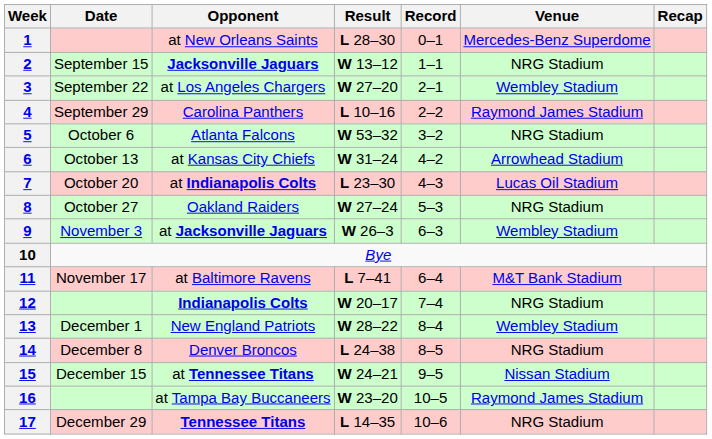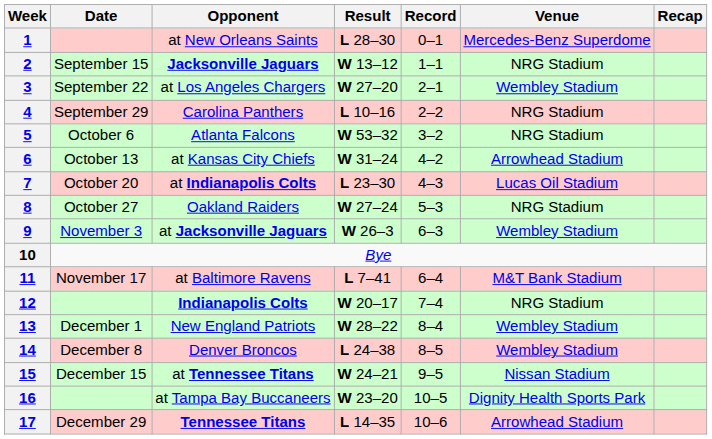 <table class="wikitable" style="text-align:center">
 <tr>
 <th>Week</th>
 <th>Date</th>
 <th>Opponent</th>
 <th>Result</th>
 <th>Record</th>
 <th>Venue</th>
 <th>Recap</th>
 </tr>
 <tr style="background:#fcc">
 <th><a href='#'>1</a></th>
 <td></td>
 <td>at <a href='#'>New Orleans Saints</a></td>
 <td><strong>L</strong> 28–30</td>
 <td>0–1</td>
 <td><a href='#'>Mercedes-Benz Superdome</a></td>
 <td></td>
 </tr>
 <tr style="background:#cfc">
 <th><a href='#'>2</a></th>
 <td>September 15</td>
 <td><strong><a href='#'>Jacksonville Jaguars</a></strong></td>
 <td><strong>W</strong> 13–12</td>
 <td>1–1</td>
 <td>NRG Stadium</td>
 <td></td>
 </tr>
 <tr style="background:#cfc">
 <th><a href='#'>3</a></th>
 <td>September 22</td>
 <td>at <a href='#'>Los Angeles Chargers</a></td>
 <td><strong>W</strong> 27–20</td>
 <td>2–1</td>
 <td> <a href='#'>Wembley Stadium</a> </td>
 <td></td>
 </tr>
 <tr style="background:#fcc">
 <th><a href='#'>4</a></th>
 <td>September 29</td>
 <td><a href='#'>Carolina Panthers</a></td>
 <td><strong>L</strong> 10–16</td>
 <td>2–2</td>
-<td><a href='#'>Raymond James Stadium</a></td>
+<td>NRG Stadium</td>
 <td></td>
 </tr>
 <tr style="background:#cfc">
 <th><a href='#'>5</a></th>
 <td>October 6</td>
 <td><a href='#'>Atlanta Falcons</a></td>
 <td><strong>W</strong> 53–32</td>
 <td>3–2</td>
 <td>NRG Stadium</td>
 <td></td>
 </tr>
 <tr style="background:#cfc">
 <th><a href='#'>6</a></th>
 <td>October 13</td>
 <td>at <a href='#'>Kansas City Chiefs</a></td>
 <td><strong>W</strong> 31–24</td>
 <td>4–2</td>
 <td><a href='#'>Arrowhead Stadium</a></td>
 <td></td>
 </tr>
 <tr style="background:#fcc">
 <th><a href='#'>7</a></th>
 <td>October 20</td>
 <td>at <strong><a href='#'>Indianapolis Colts</a></strong></td>
 <td><strong>L</strong> 23–30</td>
 <td>4–3</td>
 <td><a href='#'>Lucas Oil Stadium</a></td>
 <td></td>
 </tr>
 <tr style="background:#cfc">
 <th><a href='#'>8</a></th>
 <td>October 27</td>
 <td><a href='#'>Oakland Raiders</a></td>
 <td><strong>W</strong> 27–24</td>
 <td>5–3</td>
 <td>NRG Stadium</td>
 <td></td>
 </tr>
 <tr style="background:#cfc">
 <th><a href='#'>9</a></th>
 <td><a href='#'>November 3</a></td>
 <td>at <strong><a href='#'>Jacksonville Jaguars</a></strong></td>
 <td><strong>W</strong> 26–3</td>
 <td>6–3</td>
 <td> <a href='#'>Wembley Stadium</a> </td>
 <td></td>
 </tr>
 <tr>
 <th>10</th>
 <td colspan="6"><em><a href='#'>Bye</a></em></td>
 </tr>
 <tr style="background:#fcc">
 <th><a href='#'>11</a></th>
 <td>November 17</td>
 <td>at <a href='#'>Baltimore Ravens</a></td>
 <td><strong>L</strong> 7–41</td>
 <td>6–4</td>
 <td><a href='#'>M&T Bank Stadium</a></td>
 <td></td>
 </tr>
 <tr style="background:#cfc">
 <th><a href='#'>12</a></th>
 <td></td>
 <td><strong><a href='#'>Indianapolis Colts</a></strong></td>
 <td><strong>W</strong> 20–17</td>
 <td>7–4</td>
 <td>NRG Stadium</td>
 <td></td>
 </tr>
 <tr style="background:#cfc">
 <th><a href='#'>13</a></th>
 <td>December 1</td>
 <td><a href='#'>New England Patriots</a></td>
 <td><strong>W</strong> 28–22</td>
 <td>8–4</td>
 <td> <a href='#'>Wembley Stadium</a> </td>
 <td></td>
 </tr>
 <tr style="background:#fcc">
 <th><a href='#'>14</a></th>
 <td>December 8</td>
 <td><a href='#'>Denver Broncos</a></td>
 <td><strong>L</strong> 24–38</td>
 <td>8–5</td>
-<td>NRG Stadium</td>
+<td> <a href='#'>Wembley Stadium</a> </td>
 <td></td>
 </tr>
 <tr style="background:#cfc">
 <th><a href='#'>15</a></th>
 <td>December 15</td>
 <td>at <strong><a href='#'>Tennessee Titans</a></strong></td>
 <td><strong>W</strong> 24–21</td>
 <td>9–5</td>
 <td><a href='#'>Nissan Stadium</a></td>
 <td></td>
 </tr>
 <tr style="background:#cfc">
 <th><a href='#'>16</a></th>
 <td></td>
 <td>at <a href='#'>Tampa Bay Buccaneers</a></td>
 <td><strong>W</strong> 23–20</td>
 <td>10–5</td>
-<td><a href='#'>Raymond James Stadium</a></td>
+<td><a href='#'>Dignity Health Sports Park</a></td>
 <td></td>
 </tr>
 <tr style="background:#fcc">
 <th><a href='#'>17</a></th>
 <td>December 29</td>
 <td><strong><a href='#'>Tennessee Titans</a></strong></td>
 <td><strong>L</strong> 14–35</td>
 <td>10–6</td>
-<td>NRG Stadium</td>
+<td><a href='#'>Arrowhead Stadium</a></td>
 <td></td>
 </tr>
 </table>
